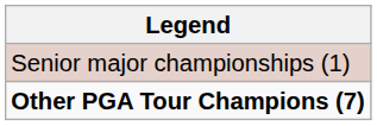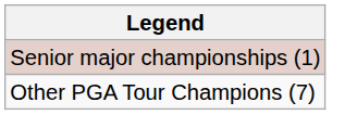 <table class="wikitable" style="font-size:95%;">
 <tr>
 <th>Legend</th>
 </tr>
 <tr style="background:#e5d1cb;">
 <td>Senior major championships (1)</td>
 </tr>
 <tr>
-<td><strong>Other PGA Tour Champions (7)</strong></td>
+<td>Other PGA Tour Champions (7)</td>
 </tr>
 </table>
